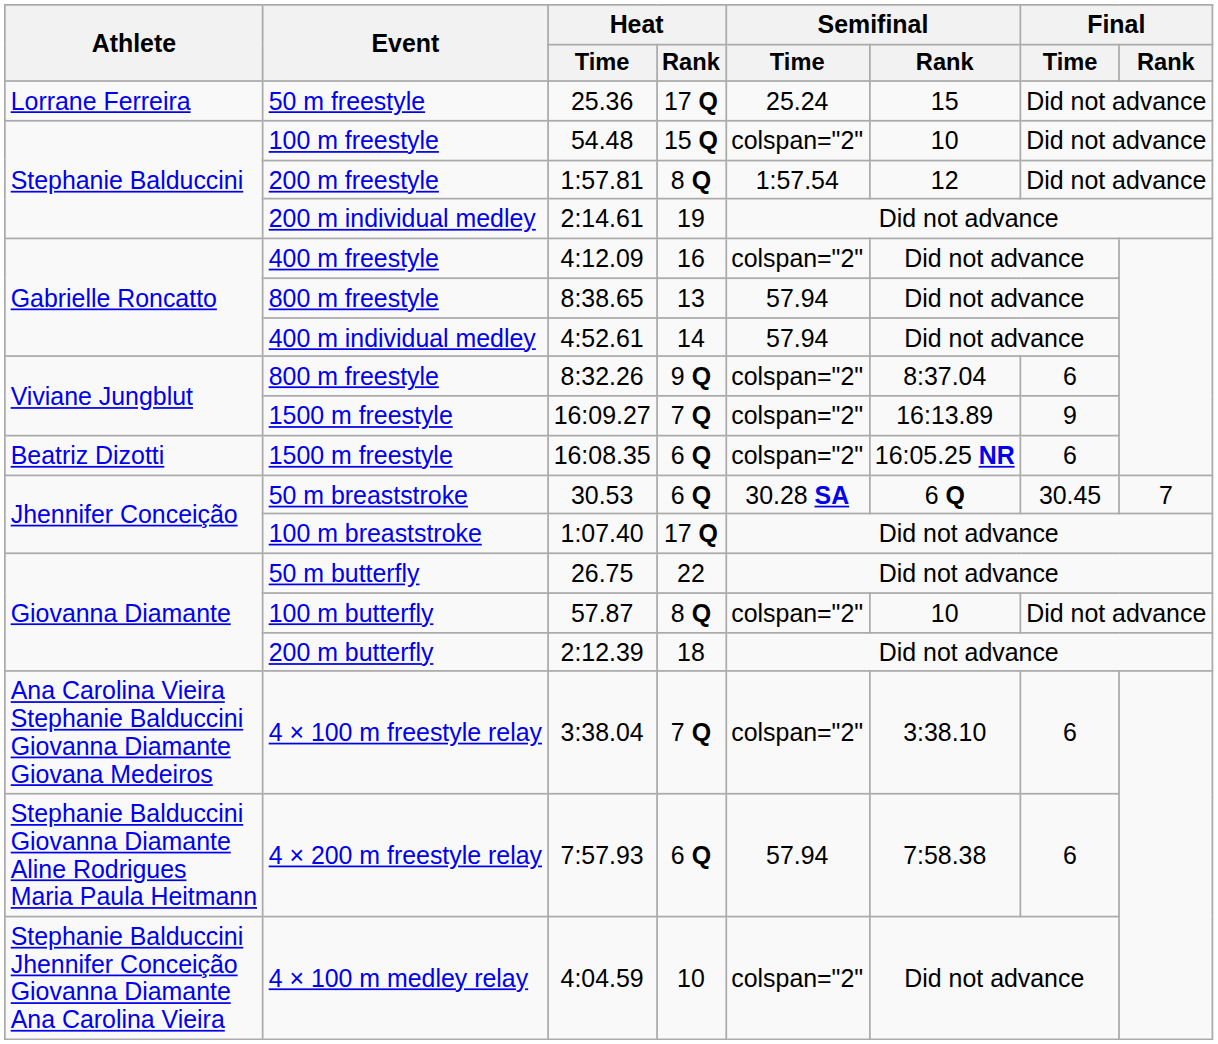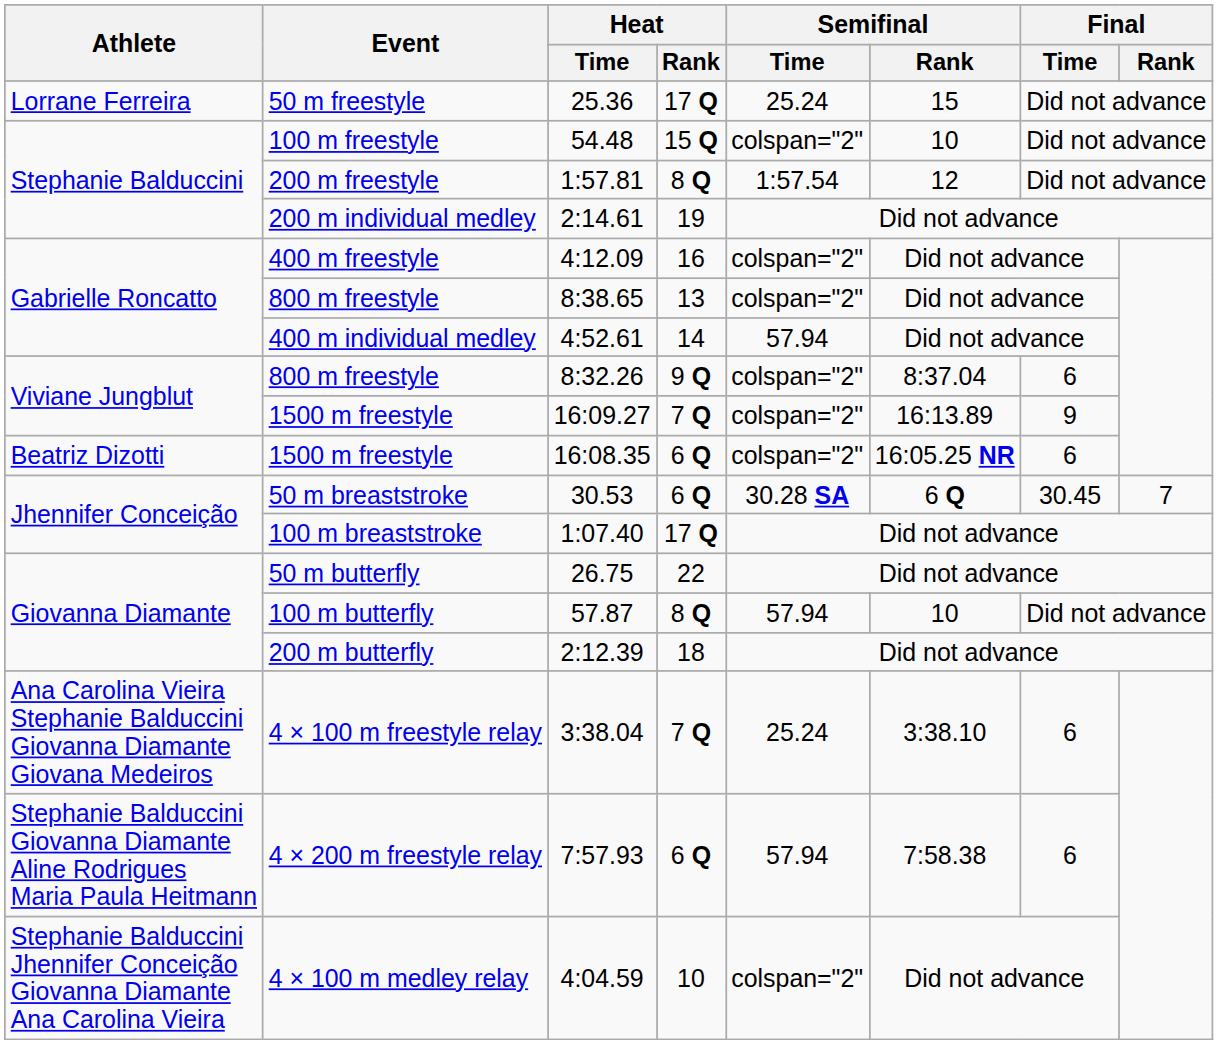 <table class=wikitable style="font-size:90%">
 <tr>
 <th rowspan="2">Athlete</th>
 <th rowspan="2">Event</th>
 <th colspan="2">Heat</th>
 <th colspan="2">Semifinal</th>
 <th colspan="2">Final</th>
 </tr>
 <tr style="font-size:95%">
 <th>Time</th>
 <th>Rank</th>
 <th>Time</th>
 <th>Rank</th>
 <th>Time</th>
 <th>Rank</th>
 </tr>
 <tr align=center>
 <td align=left><a href='#'>Lorrane Ferreira</a></td>
 <td align=left><a href='#'>50 m freestyle</a></td>
 <td>25.36</td>
 <td>17 <strong>Q</strong></td>
 <td>25.24</td>
 <td>15</td>
 <td colspan="2">Did not advance</td>
 </tr>
 <tr align=center>
 <td align=left rowspan="3"><a href='#'>Stephanie Balduccini</a></td>
 <td align=left><a href='#'>100 m freestyle</a></td>
 <td>54.48</td>
 <td>15 <strong>Q</strong></td>
 <td>colspan="2" </td>
 <td>10</td>
 <td colspan="2">Did not advance</td>
 </tr>
 <tr align=center>
 <td align=left><a href='#'>200 m freestyle</a></td>
 <td>1:57.81</td>
 <td>8 <strong>Q</strong></td>
 <td>1:57.54</td>
 <td>12</td>
 <td colspan="2">Did not advance</td>
 </tr>
 <tr align=center>
 <td align=left><a href='#'>200 m individual medley</a></td>
 <td>2:14.61</td>
 <td>19</td>
 <td colspan="4">Did not advance</td>
 </tr>
 <tr align=center>
 <td align=left rowspan="3"><a href='#'>Gabrielle Roncatto</a></td>
 <td align=left><a href='#'>400 m freestyle</a></td>
 <td>4:12.09</td>
 <td>16</td>
 <td>colspan="2" </td>
 <td colspan="2">Did not advance</td>
 </tr>
 <tr align=center>
 <td align=left><a href='#'>800 m freestyle</a></td>
 <td>8:38.65</td>
 <td>13</td>
-<td>57.94</td>
+<td>colspan="2" </td>
 <td colspan="2">Did not advance</td>
 </tr>
 <tr align=center>
 <td align=left><a href='#'>400 m individual medley</a></td>
 <td>4:52.61</td>
 <td>14</td>
 <td>57.94</td>
 <td colspan="2">Did not advance</td>
 </tr>
 <tr align=center>
 <td align=left rowspan="2"><a href='#'>Viviane Jungblut</a></td>
 <td align=left><a href='#'>800 m freestyle</a></td>
 <td>8:32.26</td>
 <td>9 <strong>Q</strong></td>
 <td>colspan="2" </td>
 <td>8:37.04</td>
 <td>6</td>
 </tr>
 <tr align=center>
 <td align=left><a href='#'>1500 m freestyle</a></td>
 <td>16:09.27</td>
 <td>7 <strong>Q</strong></td>
 <td>colspan="2" </td>
 <td>16:13.89</td>
 <td>9</td>
 </tr>
 <tr align=center>
 <td align=left><a href='#'>Beatriz Dizotti</a></td>
 <td align=left><a href='#'>1500 m freestyle</a></td>
 <td>16:08.35</td>
 <td>6 <strong>Q</strong></td>
 <td>colspan="2" </td>
 <td>16:05.25 <strong><a href='#'>NR</a></strong></td>
 <td>6</td>
 </tr>
 <tr align=center>
 <td align=left rowspan="2"><a href='#'>Jhennifer Conceição</a></td>
 <td align=left><a href='#'>50 m breaststroke</a></td>
 <td>30.53</td>
 <td>6 <strong>Q</strong></td>
 <td>30.28 <strong><a href='#'>SA</a></strong></td>
 <td>6 <strong>Q</strong></td>
 <td>30.45</td>
 <td>7</td>
 </tr>
 <tr align=center>
 <td align=left><a href='#'>100 m breaststroke</a></td>
 <td>1:07.40</td>
 <td>17 <strong>Q</strong></td>
 <td colspan="4">Did not advance</td>
 </tr>
 <tr align=center>
 <td align=left rowspan="3"><a href='#'>Giovanna Diamante</a></td>
 <td align=left><a href='#'>50 m butterfly</a></td>
 <td>26.75</td>
 <td>22</td>
 <td colspan="4">Did not advance</td>
 </tr>
 <tr align=center>
 <td align=left><a href='#'>100 m butterfly</a></td>
 <td>57.87</td>
 <td>8 <strong>Q</strong></td>
-<td>colspan="2" </td>
+<td>57.94</td>
 <td>10</td>
 <td colspan="2">Did not advance</td>
 </tr>
 <tr align=center>
 <td align=left><a href='#'>200 m butterfly</a></td>
 <td>2:12.39</td>
 <td>18</td>
 <td colspan="4">Did not advance</td>
 </tr>
 <tr align=center>
 <td align=left><a href='#'>Ana Carolina Vieira</a><br><a href='#'>Stephanie Balduccini</a><br><a href='#'>Giovanna Diamante</a><br><a href='#'>Giovana Medeiros</a></td>
 <td align=left><a href='#'>4 × 100 m freestyle relay</a></td>
 <td>3:38.04</td>
 <td>7 <strong>Q</strong></td>
-<td>colspan="2" </td>
+<td>25.24</td>
 <td>3:38.10</td>
 <td>6</td>
 </tr>
 <tr align=center>
 <td align=left><a href='#'>Stephanie Balduccini</a><br><a href='#'>Giovanna Diamante</a><br><a href='#'>Aline Rodrigues</a><br><a href='#'>Maria Paula Heitmann</a></td>
 <td align=left><a href='#'>4 × 200 m freestyle relay</a></td>
 <td>7:57.93</td>
 <td>6 <strong>Q</strong></td>
 <td>57.94</td>
 <td>7:58.38</td>
 <td>6</td>
 </tr>
 <tr align=center>
 <td align=left><a href='#'>Stephanie Balduccini</a><br><a href='#'>Jhennifer Conceição</a><br><a href='#'>Giovanna Diamante</a><br><a href='#'>Ana Carolina Vieira</a></td>
 <td align=left><a href='#'>4 × 100 m medley relay</a></td>
 <td>4:04.59</td>
 <td>10</td>
 <td>colspan="2" </td>
 <td colspan="2">Did not advance</td>
 </tr>
 </table>
